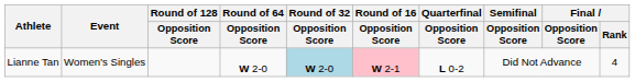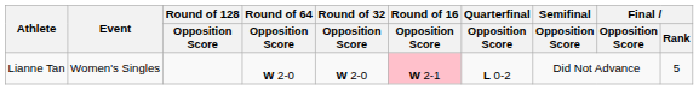 <table class="wikitable" style="font-size:90%">
 <tr>
 <th rowspan=2>Athlete</th>
 <th rowspan=2>Event</th>
 <th>Round of 128</th>
 <th>Round of 64</th>
 <th>Round of 32</th>
 <th>Round of 16</th>
 <th>Quarterfinal</th>
 <th>Semifinal</th>
 <th colspan=2>Final / </th>
 </tr>
 <tr style="font-size:95%">
 <th>Opposition<br>Score</th>
 <th>Opposition<br>Score</th>
 <th>Opposition<br>Score</th>
 <th>Opposition<br>Score</th>
 <th>Opposition<br>Score</th>
 <th>Opposition<br>Score</th>
 <th>Opposition<br>Score</th>
 <th>Rank</th>
 </tr>
 <tr align=center>
 <td align=left>Lianne Tan</td>
 <td align=left rowspan=2>Women's Singles</td>
 <td></td>
 <td><br><strong>W</strong> 2-0</td>
-<td style="background: lightblue;"><br><strong>W</strong> 2-0</td>
+<td><br><strong>W</strong> 2-0</td>
 <td style="background: pink;"><br><strong>W</strong> 2-1</td>
 <td><br><strong>L</strong> 0-2</td>
 <td colspan=2>Did Not Advance</td>
-<td>4</td>
+<td>5</td>
 </tr>
 </table>
